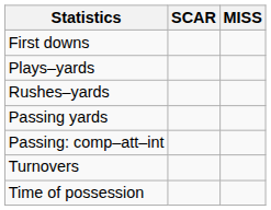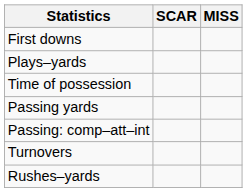 <table class="wikitable" style="float:left">
 <tr>
 <th>Statistics</th>
 <th>SCAR</th>
 <th>MISS</th>
 </tr>
 <tr>
 <td>First downs</td>
 <td></td>
 <td></td>
 </tr>
 <tr>
 <td>Plays–yards</td>
 <td></td>
 <td></td>
 </tr>
 <tr>
-<td>Rushes–yards</td>
+<td>Time of possession</td>
 <td></td>
 <td></td>
 </tr>
 <tr>
 <td>Passing yards</td>
 <td></td>
 <td></td>
 </tr>
 <tr>
 <td>Passing: comp–att–int</td>
 <td></td>
 <td></td>
 </tr>
 <tr>
 <td>Turnovers</td>
 <td></td>
 <td></td>
 </tr>
 <tr>
-<td>Time of possession</td>
+<td>Rushes–yards</td>
 <td></td>
 <td></td>
 </tr>
 </table>
